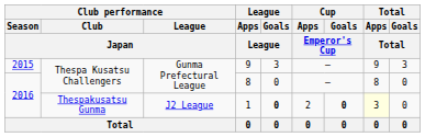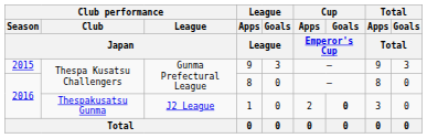 <table class="wikitable" style="text-align:center;">
 <tr>
 <th colspan=3>Club performance</th>
 <th colspan=2>League</th>
 <th colspan=2>Cup</th>
 <th colspan=2>Total</th>
 </tr>
 <tr>
 <th>Season</th>
 <th>Club</th>
 <th>League</th>
 <th>Apps</th>
 <th>Goals</th>
 <th>Apps</th>
 <th>Goals</th>
 <th>Apps</th>
 <th>Goals</th>
 </tr>
 <tr>
 <th colspan=3>Japan</th>
 <th colspan=2>League</th>
 <th colspan=2><a href='#'>Emperor's Cup</a></th>
 <th colspan=2>Total</th>
 </tr>
 <tr>
 <td><a href='#'>2015</a></td>
 <td rowspan="2">Thespa Kusatsu<br>Challengers</td>
 <td rowspan="2">Gunma Prefectural<br>League</td>
 <td>9</td>
 <td>3</td>
 <td colspan="2">–</td>
 <td>9</td>
 <td>3</td>
 </tr>
 <tr>
 <td rowspan="2"><a href='#'>2016</a></td>
 <td>8</td>
 <td>0</td>
 <td colspan="2">–</td>
 <td>8</td>
 <td>0</td>
 </tr>
 <tr>
 <td><a href='#'>Thespakusatsu Gunma</a></td>
 <td><a href='#'>J2 League</a></td>
 <td>1</td>
-<td><strong>0</strong></td>
+<td>0</td>
 <td>2</td>
 <td><strong>0</strong></td>
-<td style="background: lightyellow;">3</td>
+<td>3</td>
 <td>0</td>
 </tr>
 <tr>
 <th colspan=3>Total</th>
 <th>0</th>
 <th>0</th>
 <th>0</th>
 <th>0</th>
 <th>0</th>
 <th>0</th>
 </tr>
 </table>
